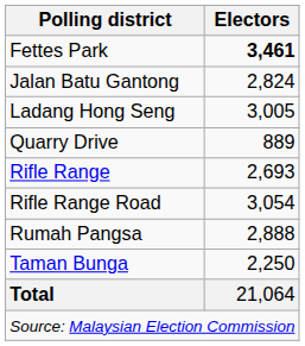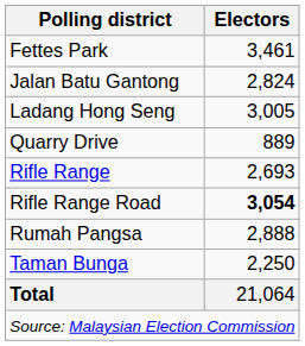 <table class="wikitable sortable">
 <tr>
 <th>Polling district</th>
 <th>Electors</th>
 </tr>
 <tr>
 <td>Fettes Park</td>
-<td align="right"><strong>3,461</strong></td>
+<td align="right">3,461</td>
 </tr>
 <tr>
 <td>Jalan Batu Gantong</td>
 <td align="right">2,824</td>
 </tr>
 <tr>
 <td>Ladang Hong Seng</td>
 <td align="right">3,005</td>
 </tr>
 <tr>
 <td>Quarry Drive</td>
 <td align="right">889</td>
 </tr>
 <tr>
 <td><a href='#'>Rifle Range</a></td>
 <td align="right">2,693</td>
 </tr>
 <tr>
 <td>Rifle Range Road</td>
-<td align="right">3,054</td>
+<td align="right"><strong>3,054</strong></td>
 </tr>
 <tr>
 <td>Rumah Pangsa</td>
 <td align="right">2,888</td>
 </tr>
 <tr>
 <td><a href='#'>Taman Bunga</a></td>
 <td align="right">2,250</td>
 </tr>
 <tr>
 <td style="background: #f2f2f2"><strong>Total</strong></td>
 <td style="background: #f2f2f2" align="right">21,064</td>
 </tr>
 <tr>
 <td colspan="2"  align="right"><small><em>Source: <a href='#'>Malaysian Election Commission</a></em></small></td>
 </tr>
 </table>
